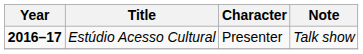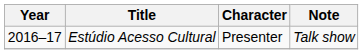 <table class="wikitable">
 <tr>
 <th>Year</th>
 <th>Title</th>
 <th>Character</th>
 <th>Note</th>
 </tr>
 <tr>
-<td><strong>2016–17</strong></td>
+<td>2016–17</td>
 <td><em>Estúdio Acesso Cultural</em></td>
 <td>Presenter</td>
 <td><em>Talk show</em></td>
 </tr>
 <tr>
 </tr>
 </table>
